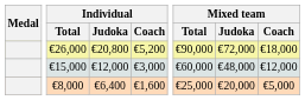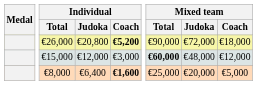 <table class=wikitable style="border: none; background: none; text-align:center;">
 <tr>
 <th rowspan=2>Medal</th>
 <td rowspan=5 style="width:1; border: none; background: none;"></td>
 <th colspan=3>Individual</th>
 <td rowspan=5 style="width:1; border: none; background: none;"></td>
 <th colspan=3>Mixed team</th>
 </tr>
 <tr>
 <th>Total</th>
 <th>Judoka</th>
 <th>Coach</th>
 <th>Total</th>
 <th>Judoka</th>
 <th>Coach</th>
 </tr>
 <tr bgcolor=F7F6A8>
 <th></th>
 <td>€26,000</td>
 <td>€20,800</td>
-<td>€5,200</td>
+<td><strong>€5,200</strong></td>
 <td>€90,000</td>
 <td>€72,000</td>
 <td>€18,000</td>
 </tr>
 <tr bgcolor=DCE5E5>
 <th></th>
 <td>€15,000</td>
 <td>€12,000</td>
 <td>€3,000</td>
-<td>€60,000</td>
+<td><strong>€60,000</strong></td>
 <td>€48,000</td>
 <td>€12,000</td>
 </tr>
 <tr bgcolor=FFDAB9>
 <th></th>
 <td>€8,000</td>
 <td>€6,400</td>
-<td>€1,600</td>
+<td><strong>€1,600</strong></td>
 <td>€25,000</td>
 <td>€20,000</td>
 <td>€5,000</td>
 </tr>
 </table>
